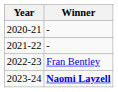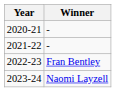 <table class="wikitable">
 <tr>
 <th>Year</th>
 <th>Winner</th>
 </tr>
 <tr>
 <td>2020-21</td>
 <td>-</td>
 </tr>
 <tr>
 <td>2021-22</td>
 <td>-</td>
 </tr>
 <tr>
 <td>2022-23</td>
 <td>  <a href='#'>Fran Bentley</a></td>
 </tr>
 <tr>
 <td>2023-24</td>
-<td><strong>  <a href='#'>Naomi Layzell</a></strong></td>
+<td>  <a href='#'>Naomi Layzell</a></td>
 </tr>
 </table>
